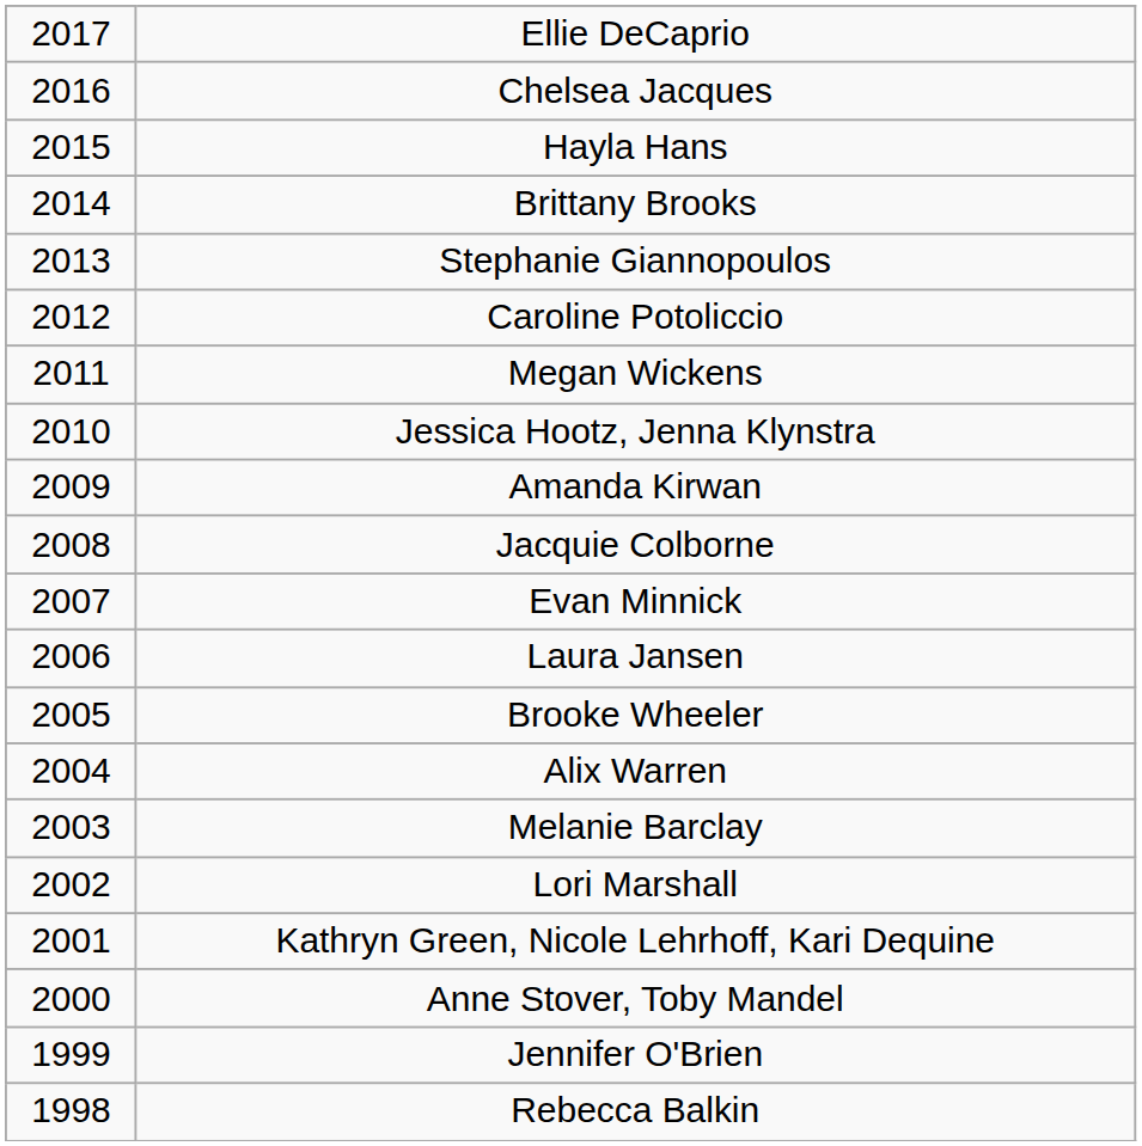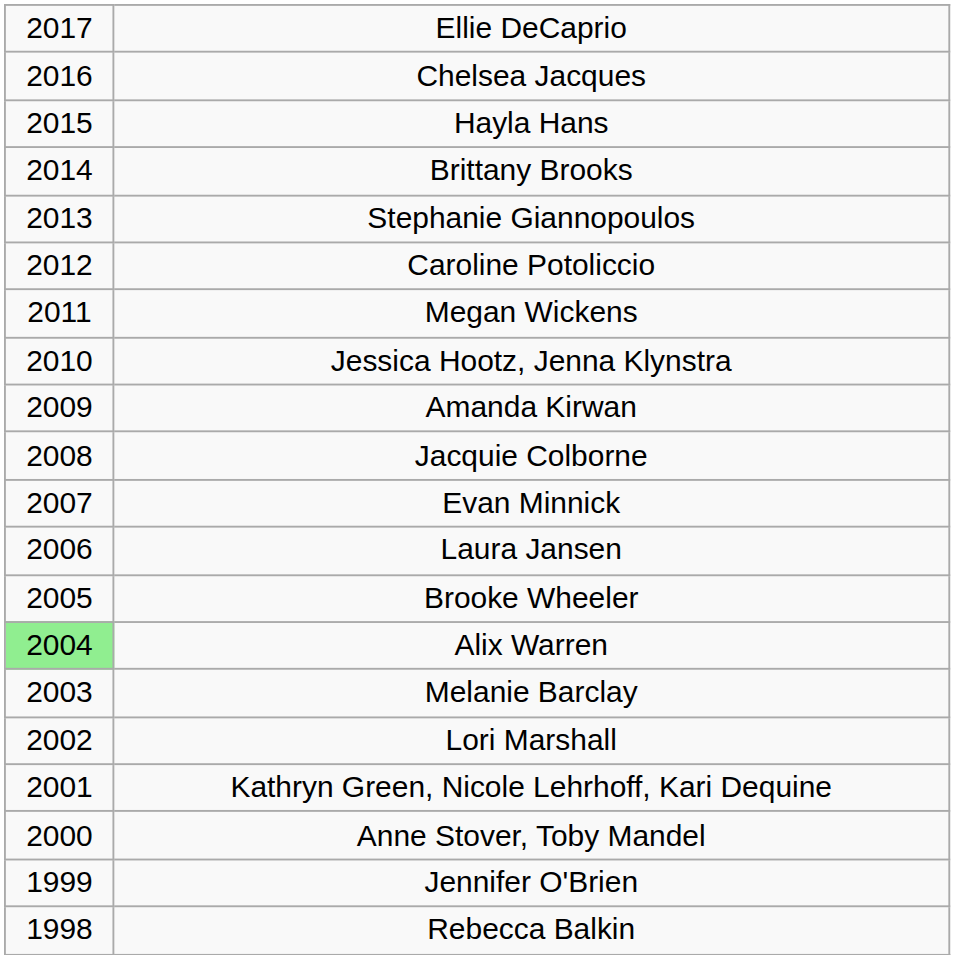 <table class="wikitable" style="width:40%; text-align:center;">
 <tr>
 <td>2017</td>
 <td>Ellie DeCaprio</td>
 </tr>
 <tr>
 <td>2016</td>
 <td>Chelsea Jacques</td>
 </tr>
 <tr>
 <td>2015</td>
 <td>Hayla Hans</td>
 </tr>
 <tr>
 <td>2014</td>
 <td>Brittany Brooks</td>
 </tr>
 <tr>
 <td>2013</td>
 <td>Stephanie Giannopoulos</td>
 </tr>
 <tr>
 <td>2012</td>
 <td>Caroline Potoliccio</td>
 </tr>
 <tr>
 <td>2011</td>
 <td>Megan Wickens</td>
 </tr>
 <tr>
 <td>2010</td>
 <td>Jessica Hootz, Jenna Klynstra</td>
 </tr>
 <tr>
 <td>2009</td>
 <td>Amanda Kirwan</td>
 </tr>
 <tr>
 <td>2008</td>
 <td>Jacquie Colborne</td>
 </tr>
 <tr>
 <td>2007</td>
 <td>Evan Minnick</td>
 </tr>
 <tr>
 <td>2006</td>
 <td>Laura Jansen</td>
 </tr>
 <tr>
 <td>2005</td>
 <td>Brooke Wheeler</td>
 </tr>
 <tr>
-<td>2004</td>
+<td style="background: lightgreen;">2004</td>
 <td>Alix Warren</td>
 </tr>
 <tr>
 <td>2003</td>
 <td>Melanie Barclay</td>
 </tr>
 <tr>
 <td>2002</td>
 <td>Lori Marshall</td>
 </tr>
 <tr>
 <td>2001</td>
 <td>Kathryn Green, Nicole Lehrhoff, Kari Dequine</td>
 </tr>
 <tr>
 <td>2000</td>
 <td>Anne Stover, Toby Mandel</td>
 </tr>
 <tr>
 <td>1999</td>
 <td>Jennifer O'Brien</td>
 </tr>
 <tr>
 <td>1998</td>
 <td>Rebecca Balkin</td>
 </tr>
 <tr>
 </tr>
 </table>
